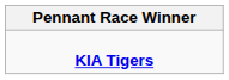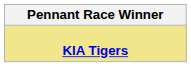 <table width="220" class="wikitable">
 <tr>
 <th><strong>Pennant Race Winner</strong></th>
 </tr>
 <tr align="center">
-<td><br><strong><a href='#'>KIA Tigers</a></strong></td>
+<td style="background: khaki;"><br><strong><a href='#'>KIA Tigers</a></strong></td>
 </tr>
 </table>
